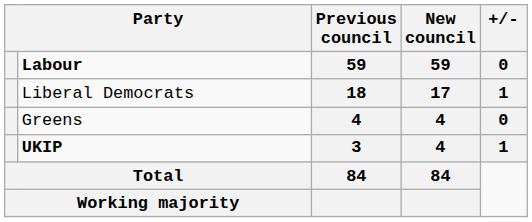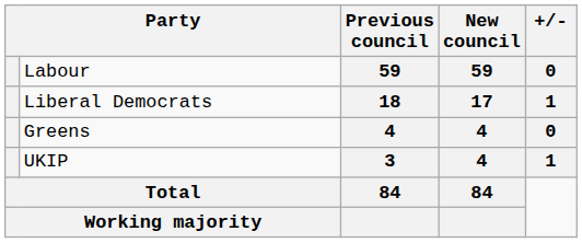 <table class="wikitable">
 <tr>
 <th valign=top colspan="2" style="width: 230px">Party</th>
 <th valign=top style="width: 30px">Previous council</th>
 <th valign=top style="width: 30px">New council</th>
 <th valign=top style="width: 30px">+/-</th>
 </tr>
 <tr>
 <th style="background-color: "></th>
-<td><strong>Labour</strong></td>
+<td>Labour</td>
 <th align=center>59</th>
 <th align=center>59</th>
 <th align=center>0</th>
 </tr>
 <tr>
 <th style="background-color: "></th>
 <td>Liberal Democrats</td>
 <th align=center>18</th>
 <th align=center>17</th>
 <th align=center>1</th>
 </tr>
 <tr>
 <th style="background-color: "></th>
 <td>Greens</td>
 <th align=center>4</th>
 <th align=center>4</th>
 <th align=center>0</th>
 </tr>
 <tr>
 <th style="background-color: "></th>
-<td><strong>UKIP</strong></td>
+<td>UKIP</td>
 <th align=center>3</th>
 <th align=center>4</th>
 <th align=center>1</th>
 </tr>
 <tr>
 <th colspan=2>Total</th>
 <th style="text-align: center">84</th>
 <th style="text-align: center">84</th>
 </tr>
 <tr>
 <th colspan=2>Working majority</th>
 <th></th>
 <th></th>
 </tr>
 </table>
